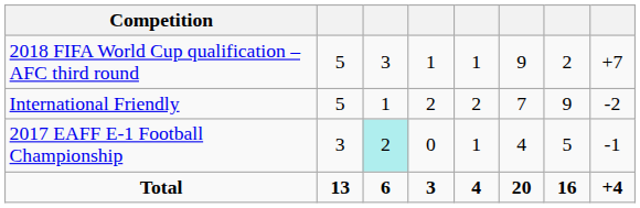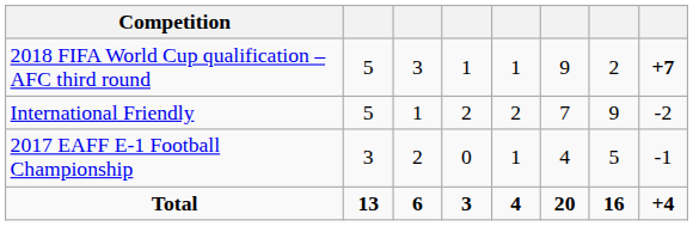 <table class="wikitable" style="text-align: center;">
 <tr>
 <th width=250>Competition</th>
 <th width=30></th>
 <th width=30></th>
 <th width=30></th>
 <th width=30></th>
 <th width=30></th>
 <th width=30></th>
 <th width=30></th>
 </tr>
 <tr>
 <td align=left><a href='#'>2018 FIFA World Cup qualification – AFC third round</a></td>
 <td>5</td>
 <td>3</td>
 <td>1</td>
 <td>1</td>
 <td>9</td>
 <td>2</td>
-<td>+7</td>
+<td><strong>+7</strong></td>
 </tr>
 <tr>
 <td align=left><a href='#'>International Friendly</a></td>
 <td>5</td>
 <td>1</td>
 <td>2</td>
 <td>2</td>
 <td>7</td>
 <td>9</td>
 <td>-2</td>
 </tr>
 <tr>
 <td align=left><a href='#'>2017 EAFF E-1 Football Championship</a></td>
 <td>3</td>
-<td style="background: paleturquoise;">2</td>
+<td>2</td>
 <td>0</td>
 <td>1</td>
 <td>4</td>
 <td>5</td>
 <td>-1</td>
 </tr>
 <tr>
 <td><strong>Total</strong></td>
 <td><strong>13</strong></td>
 <td><strong>6</strong></td>
 <td><strong>3</strong></td>
 <td><strong>4</strong></td>
 <td><strong>20</strong></td>
 <td><strong>16</strong></td>
 <td><strong>+4</strong></td>
 </tr>
 </table>
